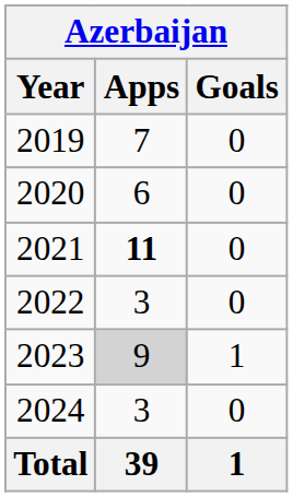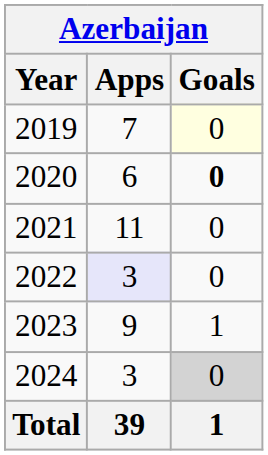 <table class="wikitable" style="text-align:center">
 <tr>
 <th colspan=5><a href='#'>Azerbaijan</a></th>
 </tr>
 <tr>
 <th>Year</th>
 <th>Apps</th>
 <th>Goals</th>
 </tr>
 <tr>
 <td>2019</td>
 <td>7</td>
-<td>0</td>
+<td style="background: lightyellow;">0</td>
 </tr>
 <tr>
 <td>2020</td>
 <td>6</td>
-<td>0</td>
+<td><strong>0</strong></td>
 </tr>
 <tr>
 <td>2021</td>
-<td><strong>11</strong></td>
+<td>11</td>
 <td>0</td>
 </tr>
 <tr>
 <td>2022</td>
-<td>3</td>
+<td style="background: lavender;">3</td>
 <td>0</td>
 </tr>
 <tr>
 <td>2023</td>
-<td style="background: lightgrey;">9</td>
+<td>9</td>
 <td>1</td>
 </tr>
 <tr>
 <td>2024</td>
 <td>3</td>
-<td>0</td>
+<td style="background: lightgrey;">0</td>
 </tr>
 <tr>
 <th>Total</th>
 <th>39</th>
 <th>1</th>
 </tr>
 </table>
